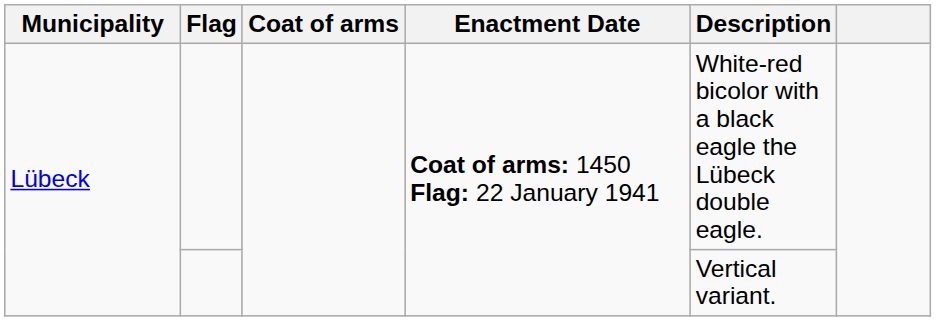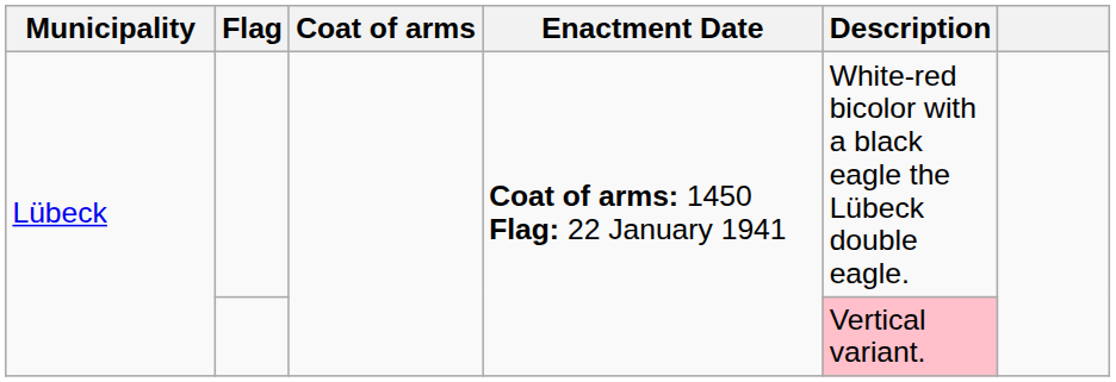 <table class="wikitable">
 <tr>
 <th style="width:12ch;">Municipality</th>
 <th>Flag</th>
 <th>Coat of arms</th>
 <th style="width:20ch;">Enactment Date</th>
 <th style="width:6ch;">Description</th>
 <th style="width:6ch;"></th>
 </tr>
 <tr>
 <td rowspan="2"><a href='#'>Lübeck</a></td>
 <td></td>
 <td rowspan="2"></td>
 <td rowspan="2"><strong>Coat of arms:</strong> 1450<br><strong>Flag:</strong> 22 January 1941</td>
 <td>White-red bicolor with a black eagle the Lübeck double eagle.</td>
 <td rowspan="2"></td>
 </tr>
 <tr>
 <td></td>
-<td>Vertical variant.</td>
+<td style="background: pink;">Vertical variant.</td>
 </tr>
 </table>
